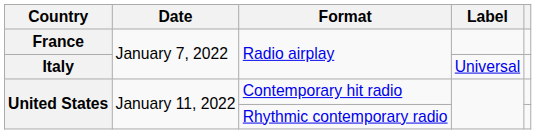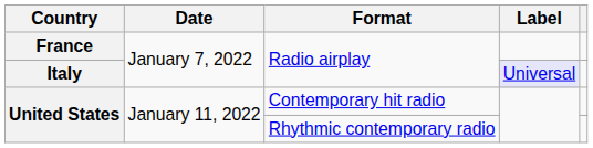 <table class="wikitable plainrowheaders">
 <tr>
 <th scope="col">Country</th>
 <th scope="col">Date</th>
 <th scope="col">Format</th>
 <th scope="col">Label</th>
 <th scope="col"></th>
 </tr>
 <tr>
 <th scope="row">France</th>
 <td rowspan="2">January 7, 2022</td>
 <td rowspan="2"><a href='#'>Radio airplay</a></td>
 <td></td>
 <td style="text-align:center;"></td>
 </tr>
 <tr>
 <th scope="row">Italy</th>
-<td><a href='#'>Universal</a></td>
+<td style="background: lavender;"><a href='#'>Universal</a></td>
 <td style="text-align:center;"></td>
 </tr>
 <tr>
 <th scope="row" rowspan="2">United States</th>
 <td rowspan="2">January 11, 2022</td>
 <td><a href='#'>Contemporary hit radio</a></td>
 <td rowspan="2"></td>
 <td style="text-align:center;"></td>
 </tr>
 <tr>
 <td><a href='#'>Rhythmic contemporary radio</a></td>
 <td style="text-align:center;"></td>
 </tr>
 </table>
